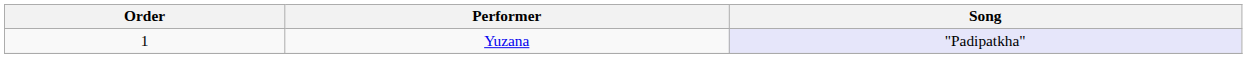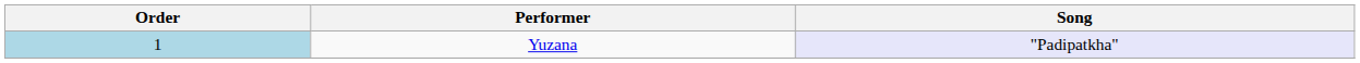 <table class="wikitable" style="text-align:center; width:65%;">
 <tr>
 <th>Order</th>
 <th>Performer</th>
 <th>Song</th>
 </tr>
 <tr>
-<td>1</td>
+<td style="background: lightblue;">1</td>
 <td><a href='#'>Yuzana</a></td>
 <td style="background: lavender;">"Padipatkha"</td>
 </tr>
 <tr>
 </tr>
 </table>
